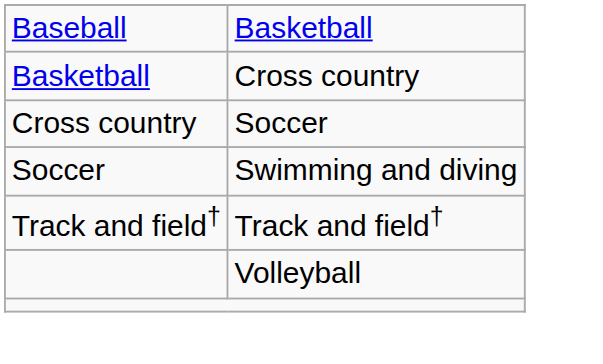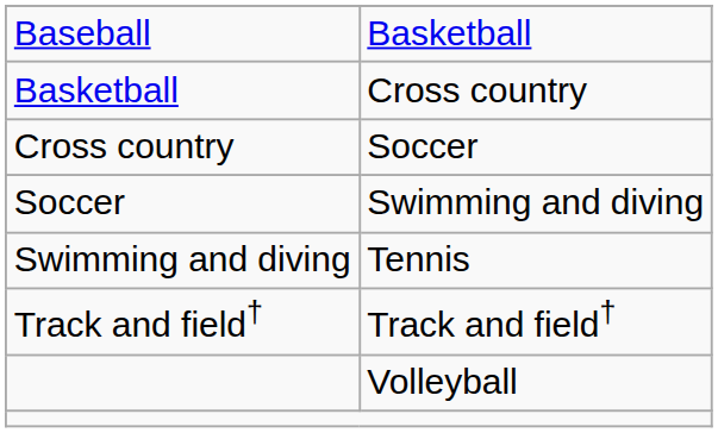 <table class="wikitable" style= " ">
 <tr>
 </tr>
 <tr>
 <td><a href='#'>Baseball</a></td>
 <td><a href='#'>Basketball</a></td>
 </tr>
 <tr>
 <td><a href='#'>Basketball</a></td>
 <td>Cross country</td>
 </tr>
 <tr>
 <td>Cross country</td>
 <td>Soccer</td>
 </tr>
 <tr>
 <td>Soccer</td>
 <td>Swimming and diving</td>
 </tr>
 <tr>
+<td>Swimming and diving</td>
+<td>Tennis</td>
+</tr>
+<tr>
 <td>Track and field<sup>†</sup></td>
 <td>Track and field<sup>†</sup></td>
 </tr>
 <tr>
 <td></td>
 <td>Volleyball</td>
 </tr>
 <tr>
 <td colspan="2"></td>
 </tr>
 </table>
